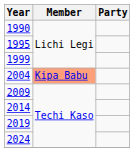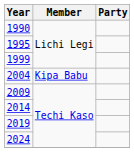 <table class="wikitable sortable">
 <tr>
 <th>Year</th>
 <th>Member</th>
 <th colspan="2">Party</th>
 </tr>
 <tr>
 <td><a href='#'>1990</a></td>
 <td rowspan=3>Lichi Legi</td>
 <td></td>
 </tr>
 <tr>
 <td><a href='#'>1995</a></td>
 <td></td>
 </tr>
 <tr>
 <td><a href='#'>1999</a></td>
 </tr>
 <tr>
 <td><a href='#'>2004</a></td>
-<td style="background: lightsalmon;"><a href='#'>Kipa Babu</a></td>
+<td><a href='#'>Kipa Babu</a></td>
 <td></td>
 </tr>
 <tr>
 <td><a href='#'>2009</a></td>
 <td rowspan=4><a href='#'>Techi Kaso</a></td>
 <td></td>
 </tr>
 <tr>
 <td><a href='#'>2014</a></td>
 <td></td>
 </tr>
 <tr>
 <td><a href='#'>2019</a></td>
 <td></td>
 </tr>
 <tr>
 <td><a href='#'>2024</a></td>
 <td></td>
 </tr>
 <tr>
 </tr>
 </table>
